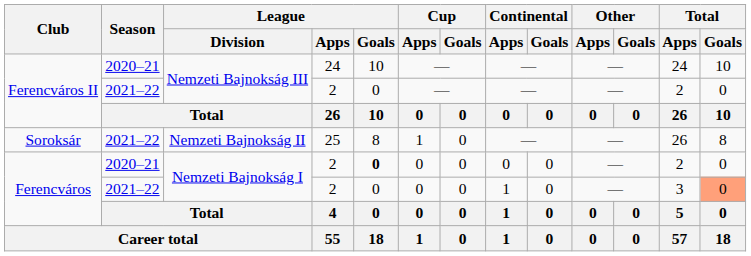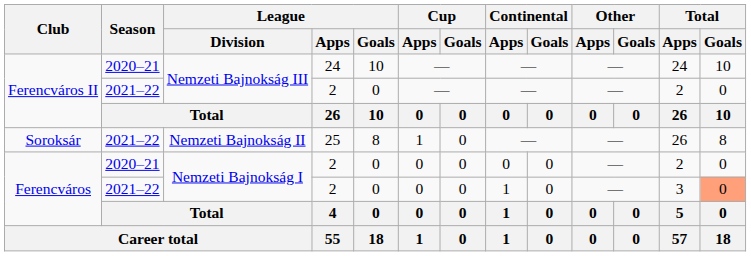 <table class="wikitable" style="text-align:center">
 <tr>
 <th rowspan="2">Club</th>
 <th rowspan="2">Season</th>
 <th colspan="3">League</th>
 <th colspan="2">Cup</th>
 <th colspan="2">Continental</th>
 <th colspan="2">Other</th>
 <th colspan="2">Total</th>
 </tr>
 <tr>
 <th>Division</th>
 <th>Apps</th>
 <th>Goals</th>
 <th>Apps</th>
 <th>Goals</th>
 <th>Apps</th>
 <th>Goals</th>
 <th>Apps</th>
 <th>Goals</th>
 <th>Apps</th>
 <th>Goals</th>
 </tr>
 <tr>
 <td rowspan="3"><a href='#'>Ferencváros II</a></td>
 <td><a href='#'>2020–21</a></td>
 <td rowspan="2"><a href='#'>Nemzeti Bajnokság III</a></td>
 <td>24</td>
 <td>10</td>
 <td colspan="2">—</td>
 <td colspan="2">—</td>
 <td colspan="2">—</td>
 <td>24</td>
 <td>10</td>
 </tr>
 <tr>
 <td><a href='#'>2021–22</a></td>
 <td>2</td>
 <td>0</td>
 <td colspan="2">—</td>
 <td colspan="2">—</td>
 <td colspan="2">—</td>
 <td>2</td>
 <td>0</td>
 </tr>
 <tr>
 <th colspan="2">Total</th>
 <th>26</th>
 <th>10</th>
 <th>0</th>
 <th>0</th>
 <th>0</th>
 <th>0</th>
 <th>0</th>
 <th>0</th>
 <th>26</th>
 <th>10</th>
 </tr>
 <tr>
 <td><a href='#'>Soroksár</a></td>
 <td><a href='#'>2021–22</a></td>
 <td><a href='#'>Nemzeti Bajnokság II</a></td>
 <td>25</td>
 <td>8</td>
 <td>1</td>
 <td>0</td>
 <td colspan="2">—</td>
 <td colspan="2">—</td>
 <td>26</td>
 <td>8</td>
 </tr>
 <tr>
 <td rowspan="3"><a href='#'>Ferencváros</a></td>
 <td><a href='#'>2020–21</a></td>
 <td rowspan="2"><a href='#'>Nemzeti Bajnokság I</a></td>
 <td>2</td>
-<td><strong>0</strong></td>
+<td>0</td>
 <td>0</td>
 <td>0</td>
 <td>0</td>
 <td>0</td>
 <td colspan="2">—</td>
 <td>2</td>
 <td>0</td>
 </tr>
 <tr>
 <td><a href='#'>2021–22</a></td>
 <td>2</td>
 <td>0</td>
 <td>0</td>
 <td>0</td>
 <td>1</td>
 <td>0</td>
 <td colspan="2">—</td>
 <td>3</td>
 <td style="background: lightsalmon;">0</td>
 </tr>
 <tr>
 <th colspan="2">Total</th>
 <th>4</th>
 <th>0</th>
 <th>0</th>
 <th>0</th>
 <th>1</th>
 <th>0</th>
 <th>0</th>
 <th>0</th>
 <th>5</th>
 <th>0</th>
 </tr>
 <tr>
 <th colspan="3">Career total</th>
 <th>55</th>
 <th>18</th>
 <th>1</th>
 <th>0</th>
 <th>1</th>
 <th>0</th>
 <th>0</th>
 <th>0</th>
 <th>57</th>
 <th>18</th>
 </tr>
 </table>
